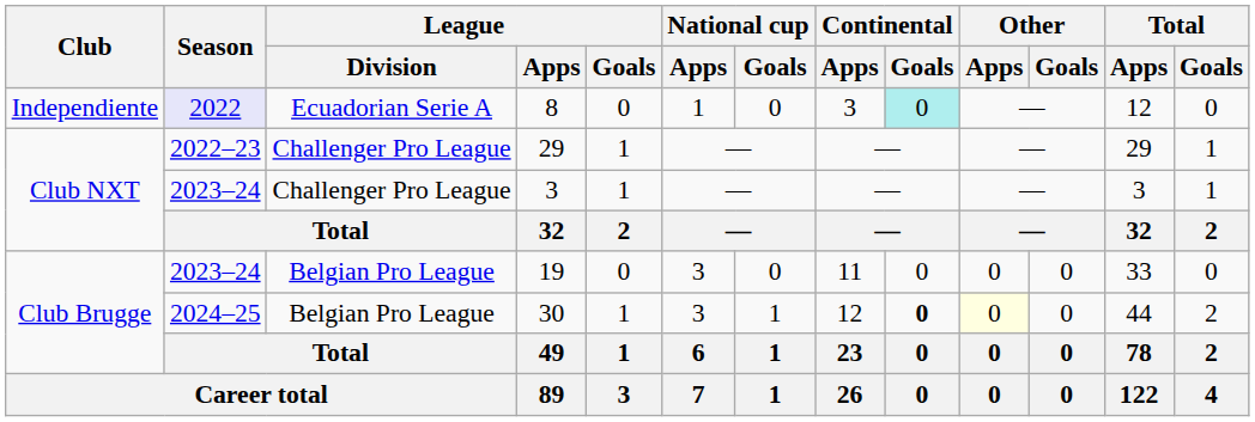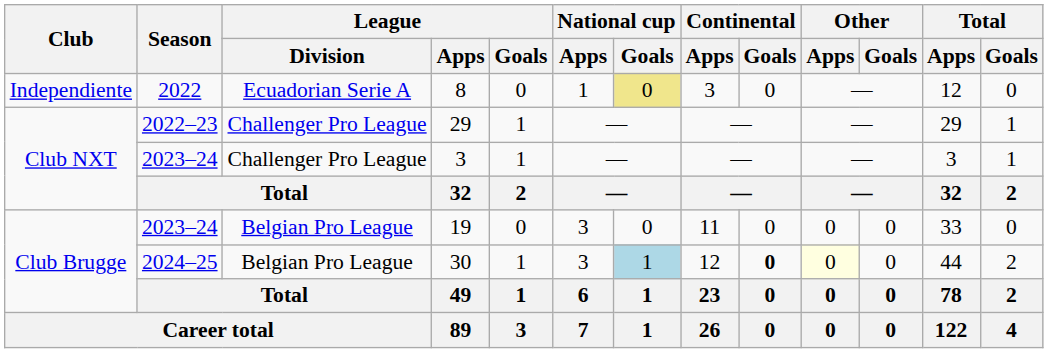 <table class="wikitable" style="text-align:center">
 <tr>
 <th rowspan="2">Club</th>
 <th rowspan="2">Season</th>
 <th colspan="3">League</th>
 <th colspan="2">National cup</th>
 <th colspan="2">Continental</th>
 <th colspan="2">Other</th>
 <th colspan="2">Total</th>
 </tr>
 <tr>
 <th>Division</th>
 <th>Apps</th>
 <th>Goals</th>
 <th>Apps</th>
 <th>Goals</th>
 <th>Apps</th>
 <th>Goals</th>
 <th>Apps</th>
 <th>Goals</th>
 <th>Apps</th>
 <th>Goals</th>
 </tr>
 <tr>
 <td><a href='#'>Independiente</a></td>
-<td style="background: lavender;"><a href='#'>2022</a></td>
+<td><a href='#'>2022</a></td>
 <td><a href='#'>Ecuadorian Serie A</a></td>
 <td>8</td>
 <td>0</td>
 <td>1</td>
+<td style="background: khaki;">0</td>
+<td>3</td>
 <td>0</td>
-<td>3</td>
-<td style="background: paleturquoise;">0</td>
 <td colspan="2">—</td>
 <td>12</td>
 <td>0</td>
 </tr>
 <tr>
 <td rowspan="3"><a href='#'>Club NXT</a></td>
 <td><a href='#'>2022–23</a></td>
 <td><a href='#'>Challenger Pro League</a></td>
 <td>29</td>
 <td>1</td>
 <td colspan="2">—</td>
 <td colspan="2">—</td>
 <td colspan="2">—</td>
 <td>29</td>
 <td>1</td>
 </tr>
 <tr>
 <td><a href='#'>2023–24</a></td>
 <td>Challenger Pro League</td>
 <td>3</td>
 <td>1</td>
 <td colspan="2">—</td>
 <td colspan="2">—</td>
 <td colspan="2">—</td>
 <td>3</td>
 <td>1</td>
 </tr>
 <tr>
 <th colspan="2">Total</th>
 <th>32</th>
 <th>2</th>
 <th colspan="2">—</th>
 <th colspan="2">—</th>
 <th colspan="2">—</th>
 <th>32</th>
 <th>2</th>
 </tr>
 <tr>
 <td rowspan="3"><a href='#'>Club Brugge</a></td>
 <td><a href='#'>2023–24</a></td>
 <td><a href='#'>Belgian Pro League</a></td>
 <td>19</td>
 <td>0</td>
 <td>3</td>
 <td>0</td>
 <td>11</td>
 <td>0</td>
 <td>0</td>
 <td>0</td>
 <td>33</td>
 <td>0</td>
 </tr>
 <tr>
 <td><a href='#'>2024–25</a></td>
 <td>Belgian Pro League</td>
 <td>30</td>
 <td>1</td>
 <td>3</td>
-<td>1</td>
+<td style="background: lightblue;">1</td>
 <td>12</td>
 <td><strong>0</strong></td>
 <td style="background: lightyellow;">0</td>
 <td>0</td>
 <td>44</td>
 <td>2</td>
 </tr>
 <tr>
 <th colspan="2">Total</th>
 <th>49</th>
 <th>1</th>
 <th>6</th>
 <th>1</th>
 <th>23</th>
 <th>0</th>
 <th>0</th>
 <th>0</th>
 <th>78</th>
 <th>2</th>
 </tr>
 <tr>
 <th colspan="3">Career total</th>
 <th>89</th>
 <th>3</th>
 <th>7</th>
 <th>1</th>
 <th>26</th>
 <th>0</th>
 <th>0</th>
 <th>0</th>
 <th>122</th>
 <th>4</th>
 </tr>
 </table>
